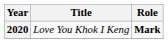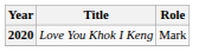 <table class="wikitable plainrowheaders sortable">
 <tr>
 <th scope="col">Year</th>
 <th scope="col">Title</th>
 <th scope="col">Role</th>
 </tr>
 <tr>
 <th scope="row">2020</th>
 <td><em>Love You Khok I Keng</em></td>
-<td><strong>Mark</strong></td>
+<td>Mark</td>
 </tr>
 <tr>
 </tr>
 </table>
